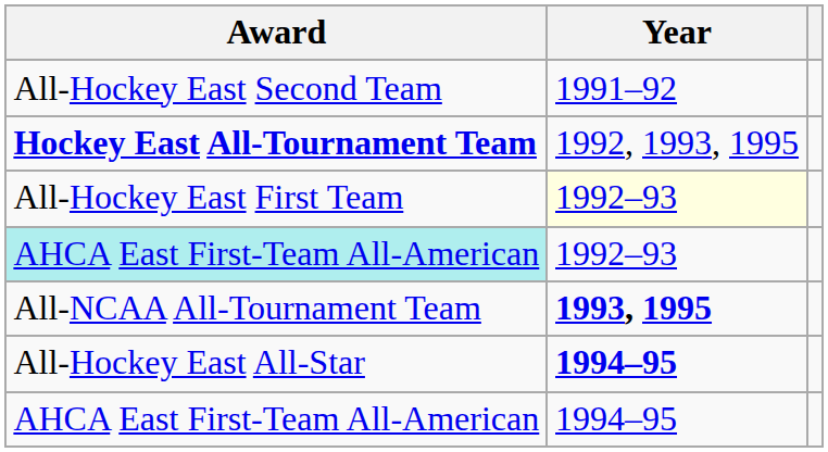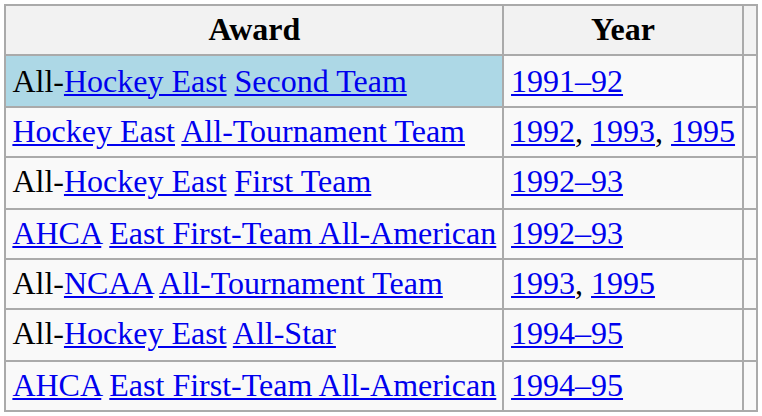 <table class="wikitable">
 <tr>
 <th>Award</th>
 <th>Year</th>
 <th></th>
 </tr>
 <tr>
-<td>All-<a href='#'>Hockey East</a> <a href='#'>Second Team</a></td>
+<td style="background: lightblue;">All-<a href='#'>Hockey East</a> <a href='#'>Second Team</a></td>
 <td><a href='#'>1991–92</a></td>
 <td></td>
 </tr>
 <tr>
-<td><strong><a href='#'>Hockey East</a> <a href='#'>All-Tournament Team</a></strong></td>
+<td><a href='#'>Hockey East</a> <a href='#'>All-Tournament Team</a></td>
 <td><a href='#'>1992</a>, <a href='#'>1993</a>, <a href='#'>1995</a></td>
 <td></td>
 </tr>
 <tr>
 <td>All-<a href='#'>Hockey East</a> <a href='#'>First Team</a></td>
-<td style="background: lightyellow;"><a href='#'>1992–93</a></td>
+<td><a href='#'>1992–93</a></td>
 <td></td>
 </tr>
 <tr>
-<td style="background: paleturquoise;"><a href='#'>AHCA</a> <a href='#'>East First-Team All-American</a></td>
+<td><a href='#'>AHCA</a> <a href='#'>East First-Team All-American</a></td>
 <td><a href='#'>1992–93</a></td>
 <td></td>
 </tr>
 <tr>
 <td>All-<a href='#'>NCAA</a> <a href='#'>All-Tournament Team</a></td>
-<td><strong><a href='#'>1993</a>, <a href='#'>1995</a></strong></td>
+<td><a href='#'>1993</a>, <a href='#'>1995</a></td>
 <td></td>
 </tr>
 <tr>
 <td>All-<a href='#'>Hockey East</a> <a href='#'>All-Star</a></td>
-<td><strong><a href='#'>1994–95</a></strong></td>
+<td><a href='#'>1994–95</a></td>
 <td></td>
 </tr>
 <tr>
 <td><a href='#'>AHCA</a> <a href='#'>East First-Team All-American</a></td>
 <td><a href='#'>1994–95</a></td>
 <td></td>
 </tr>
 </table>
